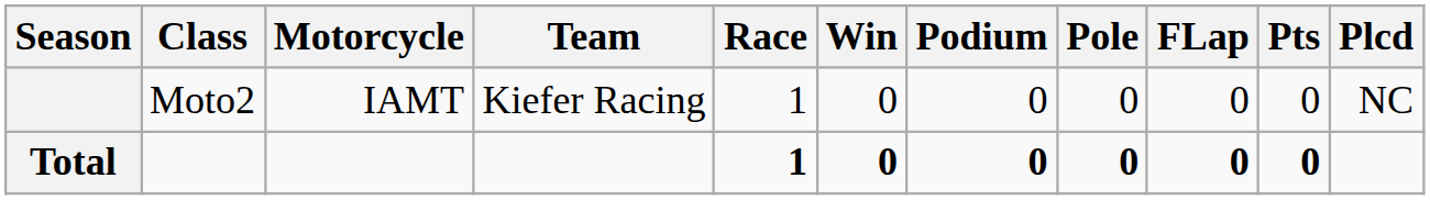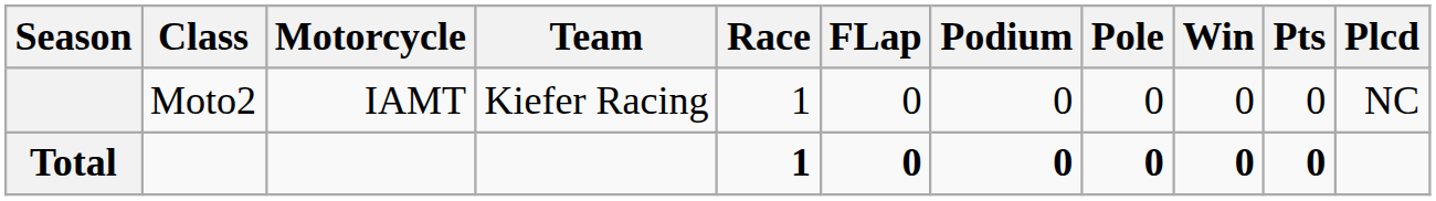 <table class="wikitable" style=text-align:right>
 <tr>
 <th>Season</th>
 <th>Class</th>
 <th>Motorcycle</th>
 <th>Team</th>
 <th>Race</th>
-<th>Win</th>
+<th>FLap</th>
 <th>Podium</th>
 <th>Pole</th>
-<th>FLap</th>
+<th>Win</th>
 <th>Pts</th>
 <th>Plcd</th>
 </tr>
 <tr>
 <th></th>
 <td>Moto2</td>
 <td>IAMT</td>
 <td>Kiefer Racing</td>
 <td>1</td>
 <td>0</td>
 <td>0</td>
 <td>0</td>
 <td>0</td>
 <td>0</td>
 <td>NC</td>
 </tr>
 <tr>
 <th>Total</th>
 <td></td>
 <td></td>
 <td></td>
 <td><strong>1</strong></td>
 <td><strong>0</strong></td>
 <td><strong>0</strong></td>
 <td><strong>0</strong></td>
 <td><strong>0</strong></td>
 <td><strong>0</strong></td>
 <td></td>
 </tr>
 </table>
